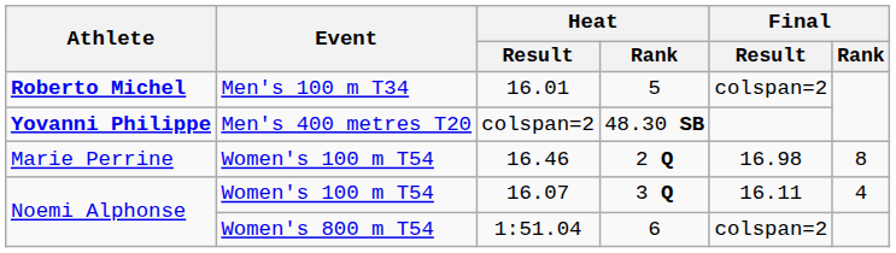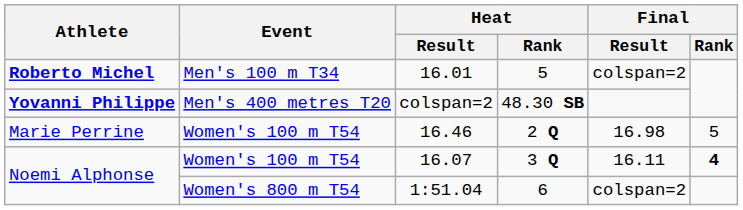 <table class="wikitable" style="font-size:90%">
 <tr>
 <th rowspan="2">Athlete</th>
 <th rowspan="2">Event</th>
 <th colspan="2">Heat</th>
 <th colspan="2">Final</th>
 </tr>
 <tr style="font-size:95%">
 <th>Result</th>
 <th>Rank</th>
 <th>Result</th>
 <th>Rank</th>
 </tr>
 <tr align=center>
 <td align=left><strong><a href='#'>Roberto Michel</a></strong></td>
 <td align=left><a href='#'>Men's 100 m T34</a></td>
 <td>16.01</td>
 <td>5</td>
 <td>colspan=2 </td>
 </tr>
 <tr align=center>
 <td align=left><strong><a href='#'>Yovanni Philippe</a></strong></td>
 <td align=left><a href='#'>Men's 400 metres T20</a></td>
 <td>colspan=2 </td>
 <td>48.30 <strong>SB</strong></td>
 <td></td>
 </tr>
 <tr align=center>
 <td align=left><a href='#'>Marie Perrine</a></td>
 <td align=left><a href='#'>Women's 100 m T54</a></td>
 <td>16.46</td>
 <td>2 <strong>Q</strong></td>
 <td>16.98</td>
-<td>8</td>
+<td>5</td>
 </tr>
 <tr align=center>
 <td align=left rowspan=2><a href='#'>Noemi Alphonse</a></td>
 <td align=left><a href='#'>Women's 100 m T54</a></td>
 <td>16.07</td>
 <td>3 <strong> Q </strong></td>
 <td>16.11</td>
-<td>4</td>
+<td><strong>4</strong></td>
 </tr>
 <tr align=center>
 <td align=left><a href='#'>Women's 800 m T54</a></td>
 <td>1:51.04</td>
 <td>6</td>
 <td>colspan=2 </td>
 </tr>
 </table>
